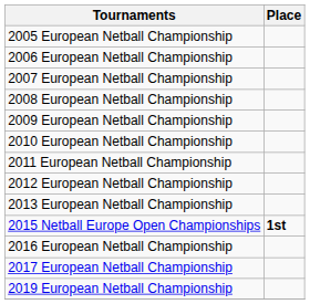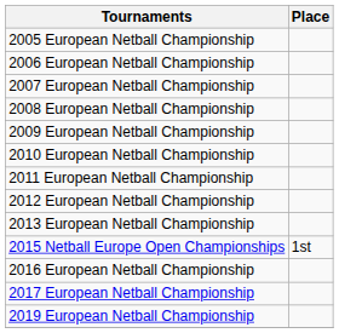 <table class="wikitable collapsible">
 <tr>
 <th>Tournaments</th>
 <th>Place</th>
 </tr>
 <tr>
 <td>2005 European Netball Championship</td>
 <td></td>
 </tr>
 <tr>
 <td>2006 European Netball Championship</td>
 <td></td>
 </tr>
 <tr>
 <td>2007 European Netball Championship</td>
 <td></td>
 </tr>
 <tr>
 <td>2008 European Netball Championship</td>
 <td></td>
 </tr>
 <tr>
 <td>2009 European Netball Championship</td>
 <td></td>
 </tr>
 <tr>
 <td>2010 European Netball Championship</td>
 <td></td>
 </tr>
 <tr>
 <td>2011 European Netball Championship</td>
 <td></td>
 </tr>
 <tr>
 <td>2012 European Netball Championship</td>
 <td></td>
 </tr>
 <tr>
 <td>2013 European Netball Championship</td>
 <td></td>
 </tr>
 <tr>
 <td><a href='#'>2015 Netball Europe Open Championships</a></td>
-<td><strong>1st</strong></td>
+<td>1st</td>
 </tr>
 <tr>
 <td>2016 European Netball Championship</td>
 <td></td>
 </tr>
 <tr>
 <td><a href='#'>2017 European Netball Championship</a></td>
 <td></td>
 </tr>
 <tr>
 <td><a href='#'>2019 European Netball Championship</a></td>
 <td></td>
 </tr>
 <tr>
 </tr>
 </table>
